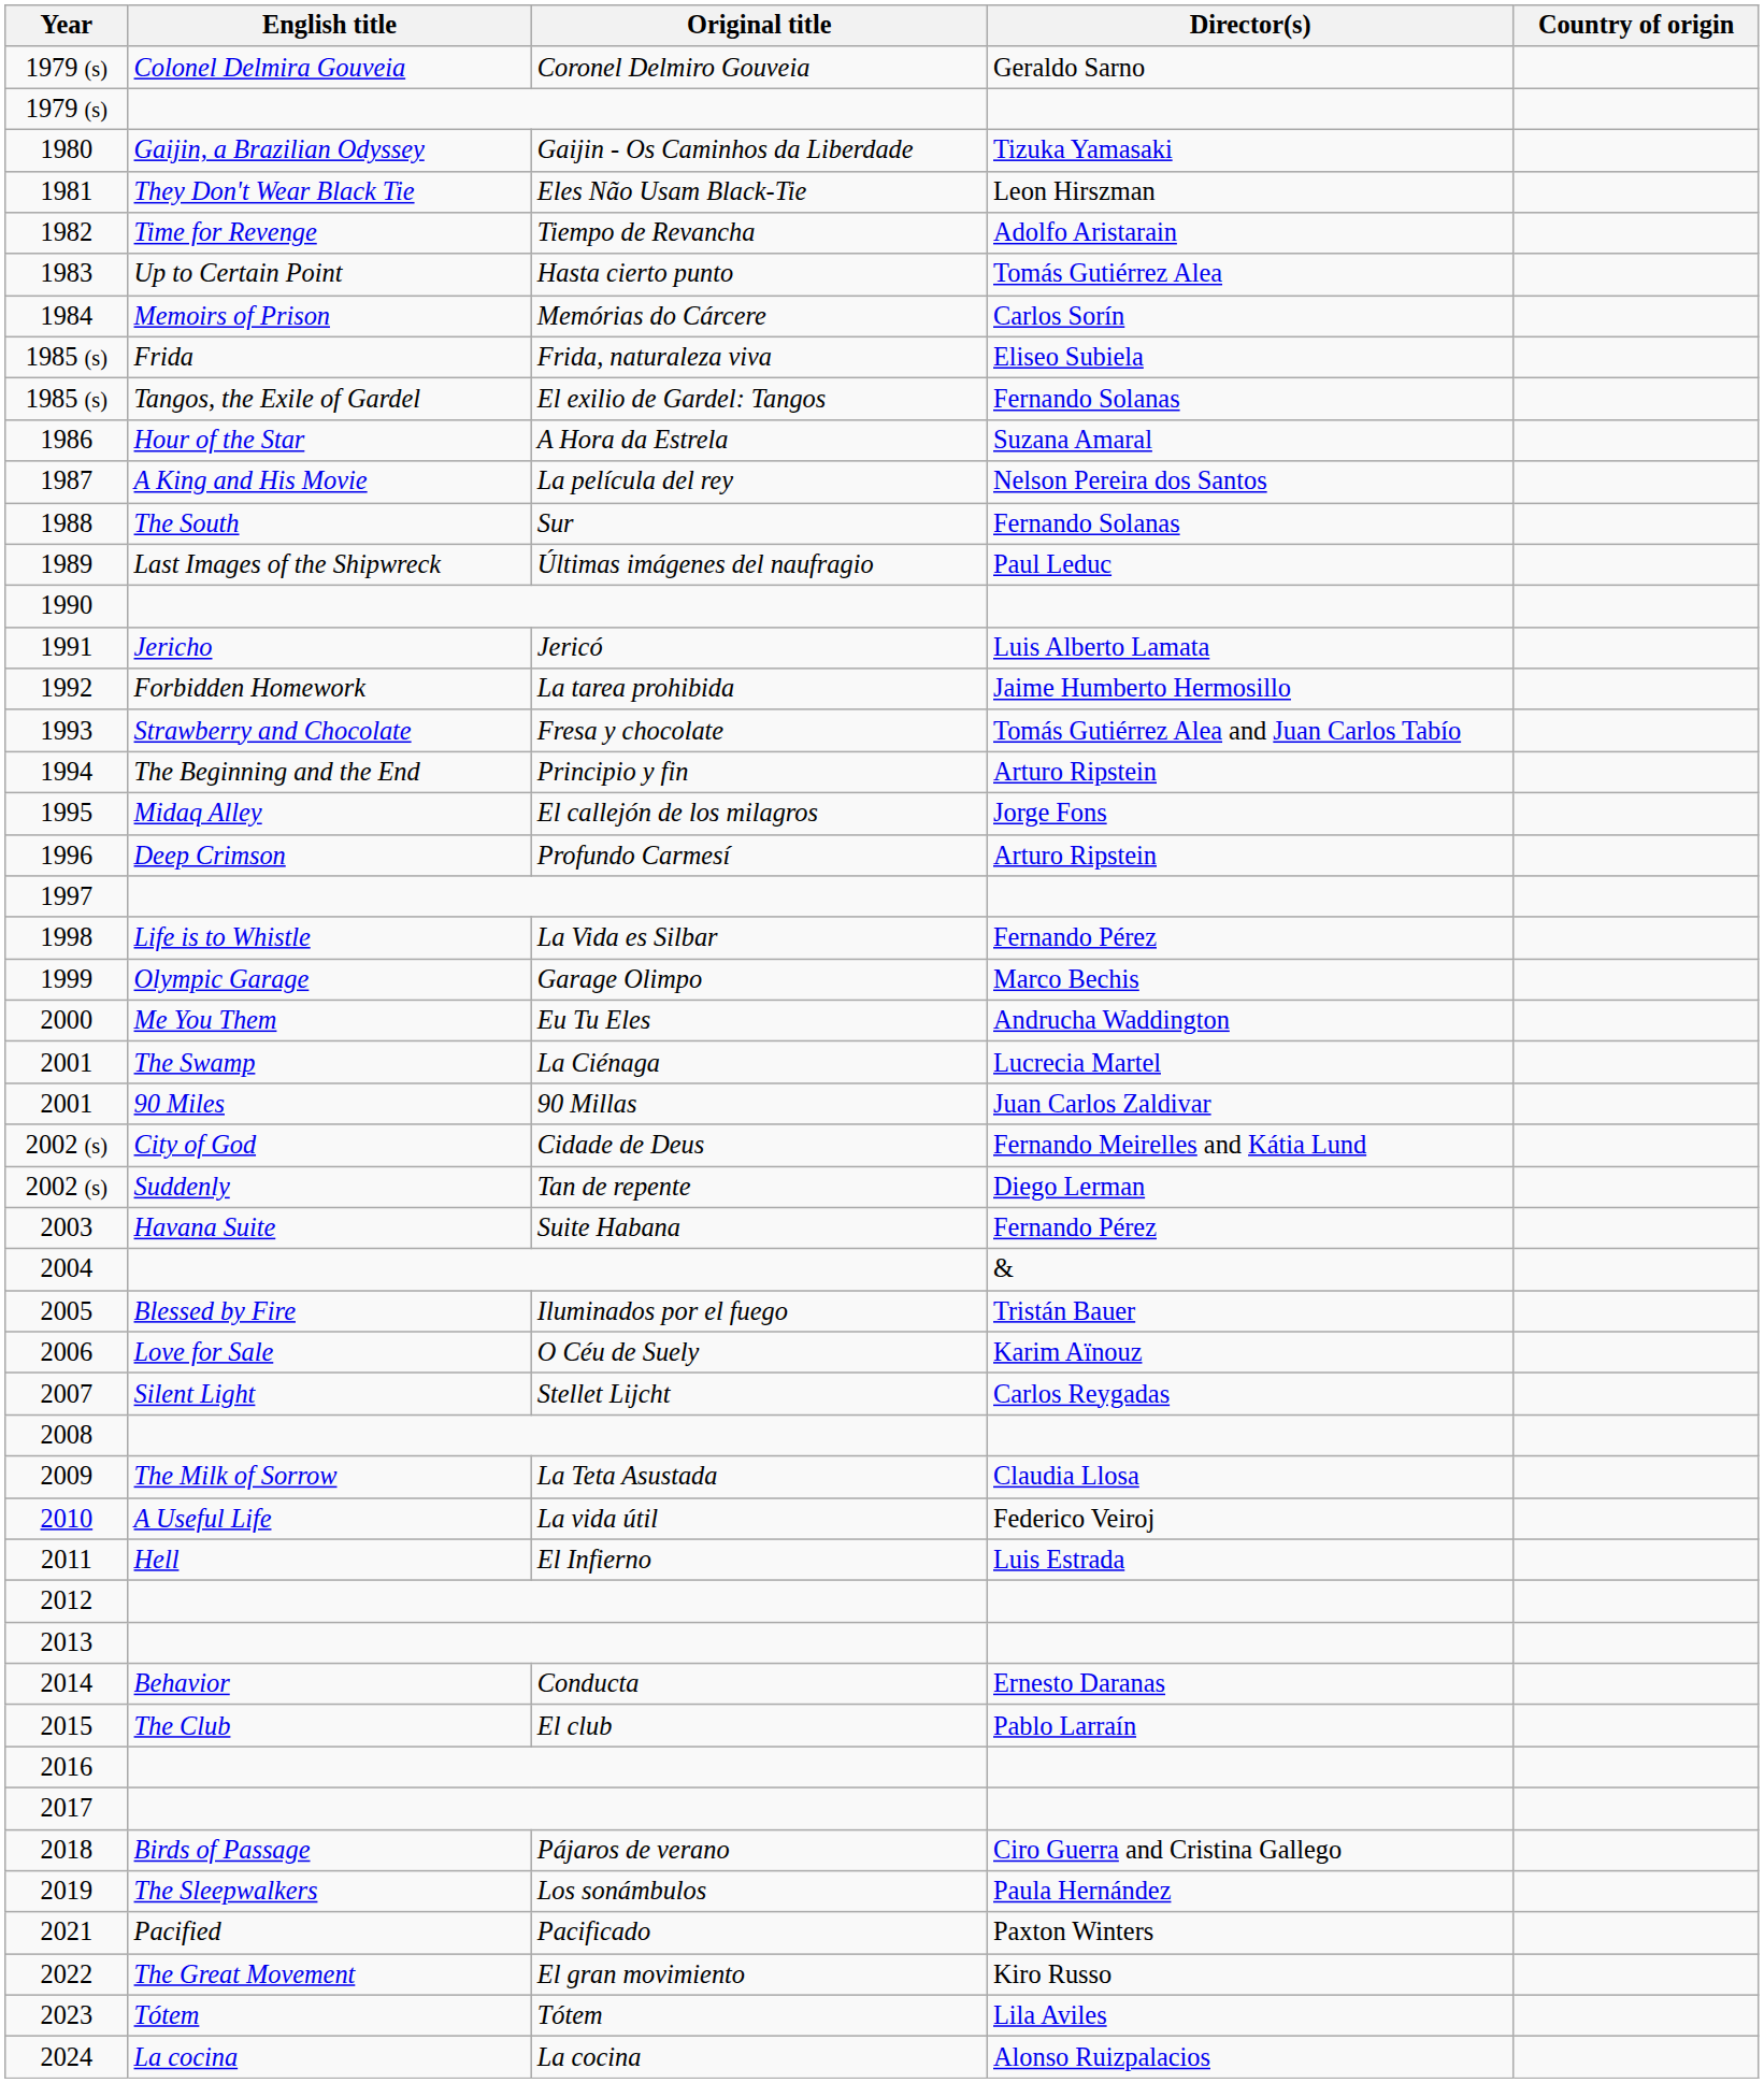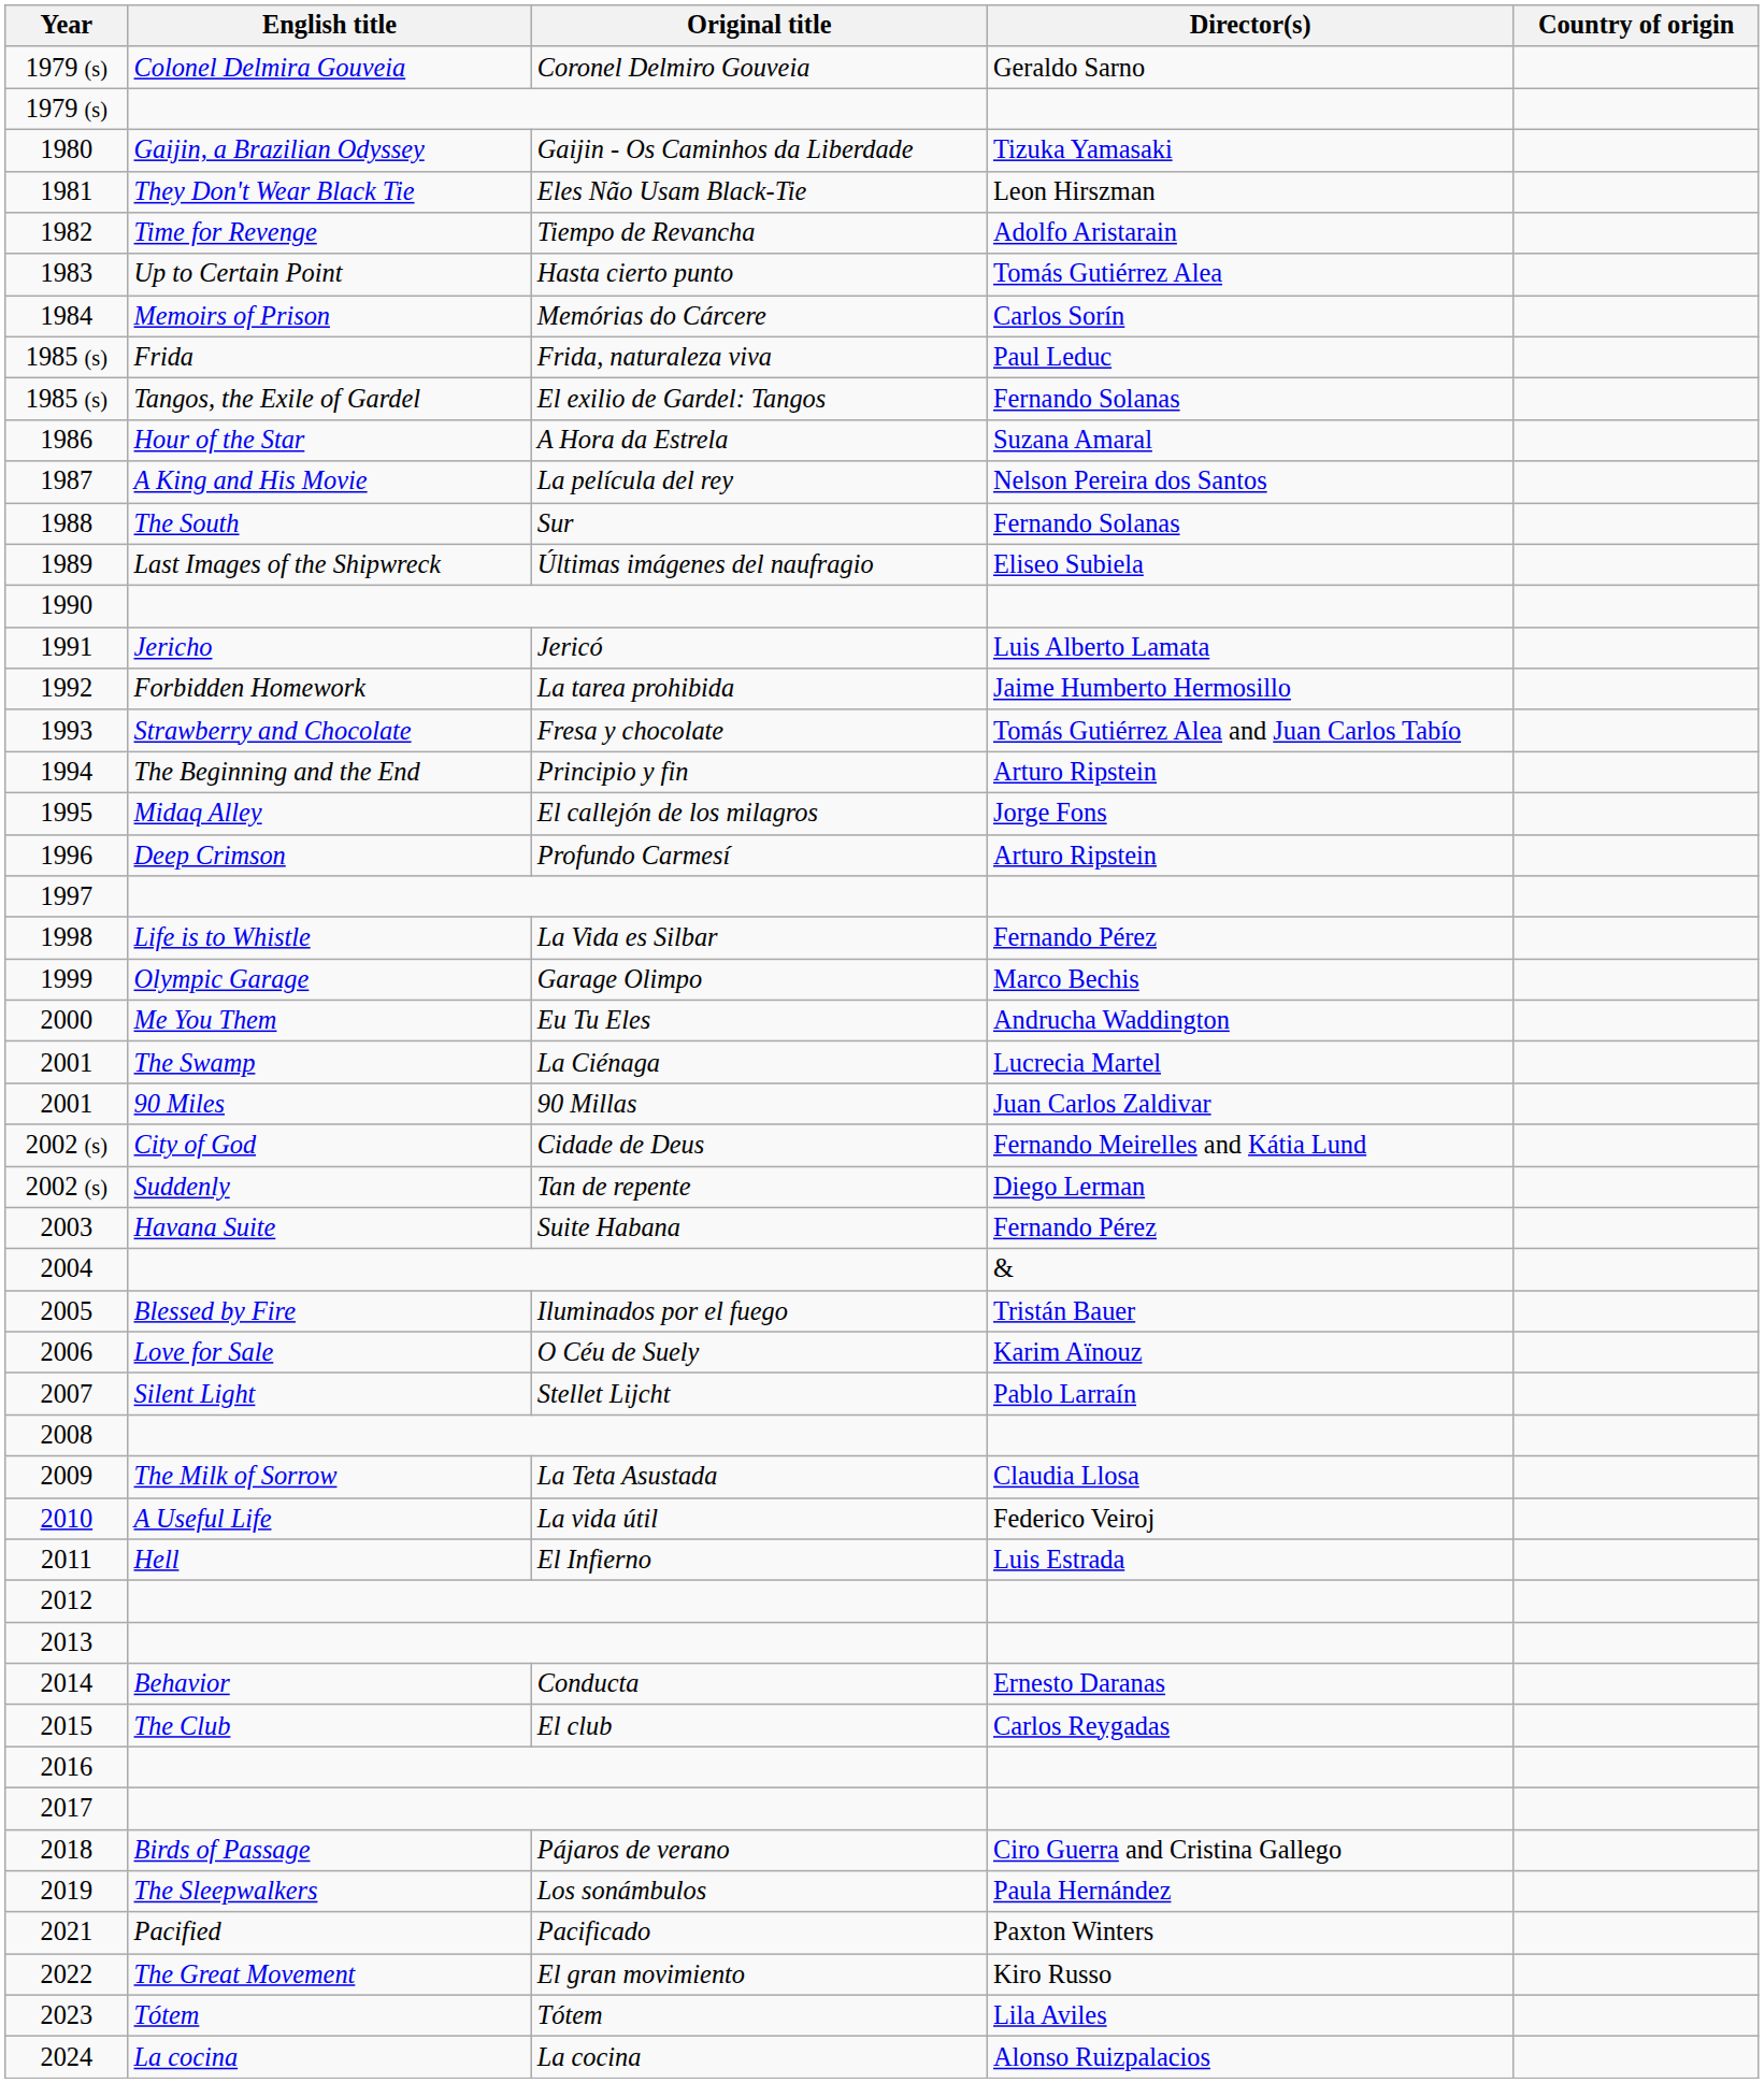 <table class="sortable wikitable" width="85%" cellpadding="5">
 <tr>
 <th width="7%">Year</th>
 <th width="23%">English title</th>
 <th width="26%">Original title</th>
 <th width="30%">Director(s)</th>
 <th width="14%">Country of origin</th>
 </tr>
 <tr>
 <td style="text-align:center;">1979 <small>(s)</small></td>
 <td><em><a href='#'>Colonel Delmira Gouveia</a></em></td>
 <td><em>Coronel Delmiro Gouveia</em></td>
 <td>Geraldo Sarno</td>
 <td></td>
 </tr>
 <tr>
 <td style="text-align:center;">1979 <small>(s)</small></td>
 <td colspan="2"></td>
 <td></td>
 <td></td>
 </tr>
 <tr>
 <td style="text-align:center;">1980</td>
 <td><em><a href='#'>Gaijin, a Brazilian Odyssey</a></em></td>
 <td><em>Gaijin - Os Caminhos da Liberdade</em></td>
 <td><a href='#'>Tizuka Yamasaki</a></td>
 <td></td>
 </tr>
 <tr>
 <td style="text-align:center;">1981</td>
 <td><em><a href='#'>They Don't Wear Black Tie</a></em></td>
 <td><em>Eles Não Usam Black-Tie</em></td>
 <td>Leon Hirszman</td>
 <td></td>
 </tr>
 <tr>
 <td style="text-align:center;">1982</td>
 <td><em><a href='#'>Time for Revenge</a></em></td>
 <td><em>Tiempo de Revancha</em></td>
 <td><a href='#'>Adolfo Aristarain</a></td>
 <td></td>
 </tr>
 <tr>
 <td style="text-align:center;">1983</td>
 <td><em>Up to Certain Point</em></td>
 <td><em>Hasta cierto punto</em></td>
 <td><a href='#'>Tomás Gutiérrez Alea</a></td>
 <td></td>
 </tr>
 <tr>
 <td style="text-align:center;">1984</td>
 <td><em><a href='#'>Memoirs of Prison</a></em></td>
 <td><em>Memórias do Cárcere</em></td>
 <td><a href='#'>Carlos Sorín</a></td>
 <td></td>
 </tr>
 <tr>
 <td style="text-align:center;">1985 <small>(s)</small></td>
 <td><em>Frida</em></td>
 <td><em>Frida, naturaleza viva</em></td>
-<td><a href='#'>Eliseo Subiela</a></td>
+<td><a href='#'>Paul Leduc</a></td>
 <td></td>
 </tr>
 <tr>
 <td style="text-align:center;">1985 <small>(s)</small></td>
 <td><em>Tangos, the Exile of Gardel</em></td>
 <td><em>El exilio de Gardel: Tangos</em></td>
 <td><a href='#'>Fernando Solanas</a></td>
 <td></td>
 </tr>
 <tr>
 <td style="text-align:center;">1986</td>
 <td><em><a href='#'>Hour of the Star</a></em></td>
 <td><em>A Hora da Estrela</em></td>
 <td><a href='#'>Suzana Amaral</a></td>
 <td></td>
 </tr>
 <tr>
 <td style="text-align:center;">1987</td>
 <td><em><a href='#'>A King and His Movie</a></em></td>
 <td><em>La película del rey</em></td>
 <td><a href='#'>Nelson Pereira dos Santos</a></td>
 <td></td>
 </tr>
 <tr>
 <td style="text-align:center;">1988</td>
 <td><em><a href='#'>The South</a></em></td>
 <td><em>Sur</em></td>
 <td><a href='#'>Fernando Solanas</a></td>
 <td></td>
 </tr>
 <tr>
 <td style="text-align:center;">1989</td>
 <td><em>Last Images of the Shipwreck</em></td>
 <td><em>Últimas imágenes del naufragio</em></td>
-<td><a href='#'>Paul Leduc</a></td>
+<td><a href='#'>Eliseo Subiela</a></td>
 <td></td>
 </tr>
 <tr>
 <td style="text-align:center;">1990</td>
 <td colspan="2"></td>
 <td></td>
 <td></td>
 </tr>
 <tr>
 <td style="text-align:center;">1991</td>
 <td><em><a href='#'>Jericho</a></em></td>
 <td><em>Jericó</em></td>
 <td><a href='#'>Luis Alberto Lamata</a></td>
 <td></td>
 </tr>
 <tr>
 <td style="text-align:center;">1992</td>
 <td><em>Forbidden Homework</em></td>
 <td><em>La tarea prohibida</em></td>
 <td><a href='#'>Jaime Humberto Hermosillo</a></td>
 <td></td>
 </tr>
 <tr>
 <td style="text-align:center;">1993</td>
 <td><em><a href='#'>Strawberry and Chocolate</a></em></td>
 <td><em>Fresa y chocolate</em></td>
 <td><a href='#'>Tomás Gutiérrez Alea</a> and <a href='#'>Juan Carlos Tabío</a></td>
 <td></td>
 </tr>
 <tr>
 <td style="text-align:center;">1994</td>
 <td><em>The Beginning and the End</em></td>
 <td><em>Principio y fin</em></td>
 <td><a href='#'>Arturo Ripstein</a></td>
 <td></td>
 </tr>
 <tr>
 <td style="text-align:center;">1995</td>
 <td><em><a href='#'>Midaq Alley</a></em></td>
 <td><em>El callejón de los milagros</em></td>
 <td><a href='#'>Jorge Fons</a></td>
 <td></td>
 </tr>
 <tr>
 <td style="text-align:center;">1996</td>
 <td><em><a href='#'>Deep Crimson</a></em></td>
 <td><em>Profundo Carmesí</em></td>
 <td><a href='#'>Arturo Ripstein</a></td>
 <td></td>
 </tr>
 <tr>
 <td style="text-align:center;">1997</td>
 <td colspan="2"></td>
 <td></td>
 <td></td>
 </tr>
 <tr>
 <td style="text-align:center;">1998</td>
 <td><em><a href='#'>Life is to Whistle</a></em></td>
 <td><em>La Vida es Silbar</em></td>
 <td><a href='#'>Fernando Pérez</a></td>
 <td></td>
 </tr>
 <tr>
 <td style="text-align:center;">1999</td>
 <td><em><a href='#'>Olympic Garage</a></em></td>
 <td><em>Garage Olimpo</em></td>
 <td><a href='#'>Marco Bechis</a></td>
 <td></td>
 </tr>
 <tr>
 <td style="text-align:center;">2000</td>
 <td><em><a href='#'>Me You Them</a></em></td>
 <td><em>Eu Tu Eles</em></td>
 <td><a href='#'>Andrucha Waddington</a></td>
 <td></td>
 </tr>
 <tr>
 <td style="text-align:center;">2001</td>
 <td><em><a href='#'>The Swamp</a></em></td>
 <td><em>La Ciénaga</em></td>
 <td><a href='#'>Lucrecia Martel</a></td>
 <td></td>
 </tr>
 <tr>
 <td style="text-align:center;">2001</td>
 <td><em><a href='#'>90 Miles</a></em></td>
 <td><em>90 Millas</em></td>
 <td><a href='#'>Juan Carlos Zaldivar</a></td>
 <td></td>
 </tr>
 <tr>
 <td style="text-align:center;">2002 <small>(s)</small></td>
 <td><em><a href='#'>City of God</a></em></td>
 <td><em>Cidade de Deus</em></td>
 <td><a href='#'>Fernando Meirelles</a> and <a href='#'>Kátia Lund</a></td>
 <td></td>
 </tr>
 <tr>
 <td style="text-align:center;">2002 <small>(s)</small></td>
 <td><em><a href='#'>Suddenly</a></em></td>
 <td><em>Tan de repente</em></td>
 <td><a href='#'>Diego Lerman</a></td>
 <td></td>
 </tr>
 <tr>
 <td style="text-align:center;">2003</td>
 <td><em><a href='#'>Havana Suite</a></em></td>
 <td><em>Suite Habana</em></td>
 <td><a href='#'>Fernando Pérez</a></td>
 <td></td>
 </tr>
 <tr>
 <td style="text-align:center;">2004</td>
 <td colspan="2"></td>
 <td> & </td>
 <td></td>
 </tr>
 <tr>
 <td style="text-align:center;">2005</td>
 <td><em><a href='#'>Blessed by Fire</a></em></td>
 <td><em>Iluminados por el fuego</em></td>
 <td><a href='#'>Tristán Bauer</a></td>
 <td></td>
 </tr>
 <tr>
 <td style="text-align:center;">2006</td>
 <td><em><a href='#'>Love for Sale</a></em></td>
 <td><em>O Céu de Suely</em></td>
 <td><a href='#'>Karim Aïnouz</a></td>
 <td></td>
 </tr>
 <tr>
 <td style="text-align:center;">2007</td>
 <td><em><a href='#'>Silent Light</a></em></td>
 <td><em>Stellet Lijcht</em></td>
-<td><a href='#'>Carlos Reygadas</a></td>
+<td><a href='#'>Pablo Larraín</a></td>
 <td></td>
 </tr>
 <tr>
 <td style="text-align:center;">2008</td>
 <td colspan="2"></td>
 <td></td>
 <td></td>
 </tr>
 <tr>
 <td style="text-align:center;">2009</td>
 <td><em><a href='#'>The Milk of Sorrow</a></em></td>
 <td><em>La Teta Asustada</em></td>
 <td><a href='#'>Claudia Llosa</a></td>
 <td></td>
 </tr>
 <tr>
 <td style="text-align:center;"><a href='#'>2010</a></td>
 <td><em><a href='#'>A Useful Life</a></em></td>
 <td><em>La vida útil</em></td>
 <td>Federico Veiroj</td>
 <td></td>
 </tr>
 <tr>
 <td style="text-align:center;">2011</td>
 <td><em><a href='#'>Hell</a></em></td>
 <td><em>El Infierno</em></td>
 <td><a href='#'>Luis Estrada</a></td>
 <td></td>
 </tr>
 <tr>
 <td style="text-align:center;">2012</td>
 <td colspan="2"></td>
 <td></td>
 <td></td>
 </tr>
 <tr>
 <td style="text-align:center;">2013</td>
 <td colspan="2"></td>
 <td></td>
 <td></td>
 </tr>
 <tr>
 <td style="text-align:center;">2014</td>
 <td><em><a href='#'>Behavior</a></em></td>
 <td><em>Conducta</em></td>
 <td><a href='#'>Ernesto Daranas</a></td>
 <td></td>
 </tr>
 <tr>
 <td style="text-align:center;">2015</td>
 <td><em><a href='#'>The Club</a></em></td>
 <td><em>El club</em></td>
-<td><a href='#'>Pablo Larraín</a></td>
+<td><a href='#'>Carlos Reygadas</a></td>
 <td></td>
 </tr>
 <tr>
 <td style="text-align:center;">2016</td>
 <td colspan="2"></td>
 <td></td>
 <td></td>
 </tr>
 <tr>
 <td style="text-align:center;">2017</td>
 <td colspan="2"></td>
 <td></td>
 <td></td>
 </tr>
 <tr>
 <td style="text-align:center;">2018</td>
 <td><em><a href='#'>Birds of Passage</a></em></td>
 <td><em>Pájaros de verano</em></td>
 <td><a href='#'>Ciro Guerra</a> and Cristina Gallego</td>
 <td></td>
 </tr>
 <tr>
 <td style="text-align:center;">2019</td>
 <td><em><a href='#'>The Sleepwalkers</a></em></td>
 <td><em>Los sonámbulos</em></td>
 <td><a href='#'>Paula Hernández</a></td>
 <td></td>
 </tr>
 <tr>
 <td style="text-align:center;">2021</td>
 <td><em>Pacified</em></td>
 <td><em>Pacificado</em></td>
 <td>Paxton Winters</td>
 <td></td>
 </tr>
 <tr>
 <td style="text-align:center;">2022</td>
 <td><em><a href='#'>The Great Movement</a></em></td>
 <td><em>El gran movimiento</em></td>
 <td>Kiro Russo</td>
 <td></td>
 </tr>
 <tr>
 <td style="text-align:center;">2023</td>
 <td><em><a href='#'>Tótem</a></em></td>
 <td><em>Tótem</em></td>
 <td><a href='#'>Lila Aviles</a></td>
 <td></td>
 </tr>
 <tr>
 <td style="text-align:center;">2024</td>
 <td><em><a href='#'>La cocina</a></em></td>
 <td><em>La cocina</em></td>
 <td><a href='#'>Alonso Ruizpalacios</a></td>
 <td></td>
 </tr>
 </table>
